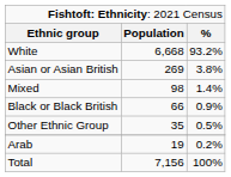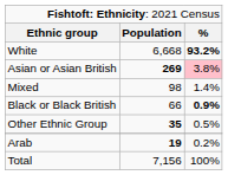 <table class="wikitable">
 <tr>
 <td colspan="14" style="text-align:right;"><strong>Fishtoft: Ethnicity</strong>: 2021 Census</td>
 </tr>
 <tr>
 <th>Ethnic group</th>
 <th>Population</th>
 <th>%</th>
 </tr>
 <tr>
 <td>White</td>
 <td style="text-align:right;">6,668</td>
-<td style="text-align:right;">93.2%</td>
+<td style="text-align:right;"><strong>93.2%</strong></td>
 </tr>
 <tr>
 <td>Asian or Asian British</td>
-<td style="text-align:right;">269</td>
-<td style="text-align:right;">3.8%</td>
+<td style="text-align:right;"><strong>269</strong></td>
+<td style="background: pink; text-align:right;">3.8%</td>
 </tr>
 <tr>
 <td>Mixed</td>
 <td style="text-align:right;">98</td>
 <td style="text-align:right;">1.4%</td>
 </tr>
 <tr>
 <td>Black or Black British</td>
 <td style="text-align:right;">66</td>
-<td style="text-align:right;">0.9%</td>
+<td style="text-align:right;"><strong>0.9%</strong></td>
 </tr>
 <tr>
 <td>Other Ethnic Group</td>
-<td style="text-align:right;">35</td>
+<td style="text-align:right;"><strong>35</strong></td>
 <td style="text-align:right;">0.5%</td>
 </tr>
 <tr>
 </tr>
 <tr>
 <td>Arab</td>
-<td style="text-align:right;">19</td>
+<td style="text-align:right;"><strong>19</strong></td>
 <td style="text-align:right;">0.2%</td>
 </tr>
 <tr>
 <td>Total</td>
 <td style="text-align:right;">7,156</td>
 <td style="text-align:right;">100%</td>
 </tr>
 </table>
